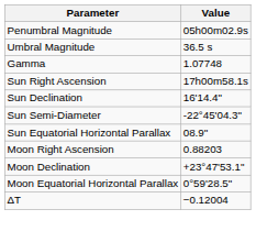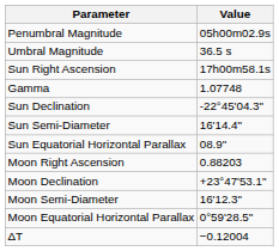 <table class="wikitable">
 <tr>
 <th>Parameter</th>
 <th>Value</th>
 </tr>
 <tr>
 <td>Penumbral Magnitude</td>
 <td>05h00m02.9s</td>
 </tr>
 <tr>
 <td>Umbral Magnitude</td>
 <td>36.5 s</td>
 </tr>
 <tr>
+<td>Sun Right Ascension</td>
+<td>17h00m58.1s</td>
+</tr>
+<tr>
 <td>Gamma</td>
 <td>1.07748</td>
 </tr>
 <tr>
-<td>Sun Right Ascension</td>
-<td>17h00m58.1s</td>
-</tr>
-<tr>
 <td>Sun Declination</td>
-<td>16'14.4"</td>
+<td>-22°45'04.3"</td>
 </tr>
 <tr>
 <td>Sun Semi-Diameter</td>
-<td>-22°45'04.3"</td>
+<td>16'14.4"</td>
 </tr>
 <tr>
 <td>Sun Equatorial Horizontal Parallax</td>
 <td>08.9"</td>
 </tr>
 <tr>
 <td>Moon Right Ascension</td>
 <td>0.88203</td>
 </tr>
 <tr>
 <td>Moon Declination</td>
 <td>+23°47'53.1"</td>
 </tr>
 <tr>
+<td>Moon Semi-Diameter</td>
+<td>16'12.3"</td>
+</tr>
+<tr>
 <td>Moon Equatorial Horizontal Parallax</td>
 <td>0°59'28.5"</td>
 </tr>
 <tr>
 <td>ΔT</td>
 <td>−0.12004</td>
 </tr>
 </table>
